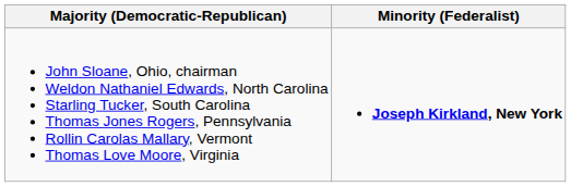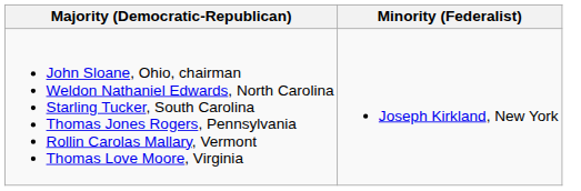 <table class=wikitable>
 <tr>
 <th>Majority (Democratic-Republican)</th>
 <th>Minority (Federalist)</th>
 </tr>
 <tr>
 <td><br><ul><li><a href='#'>John Sloane</a>, Ohio, chairman</li><li><a href='#'>Weldon Nathaniel Edwards</a>, North Carolina</li><li><a href='#'>Starling Tucker</a>, South Carolina</li><li><a href='#'>Thomas Jones Rogers</a>, Pennsylvania</li><li><a href='#'>Rollin Carolas Mallary</a>, Vermont</li><li><a href='#'>Thomas Love Moore</a>, Virginia</li></ul></td>
-<td><strong><br><ul><li><a href='#'>Joseph Kirkland</a>, New York</li></ul></strong></td>
+<td><br><ul><li><a href='#'>Joseph Kirkland</a>, New York</li></ul></td>
 </tr>
 </table>
